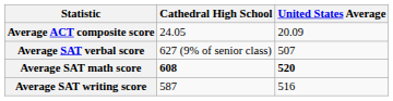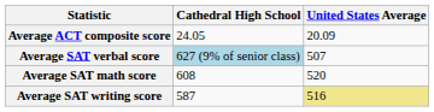 <table class="wikitable">
 <tr>
 <th>Statistic</th>
 <th>Cathedral High School</th>
 <th><a href='#'>United States</a> Average</th>
 </tr>
 <tr>
 <th>Average <a href='#'>ACT</a> composite score</th>
 <td>24.05</td>
 <td>20.09</td>
 </tr>
 <tr>
 <th>Average <a href='#'>SAT</a> verbal score</th>
-<td>627 (9% of senior class)</td>
+<td style="background: lightblue;">627 (9% of senior class)</td>
 <td>507</td>
 </tr>
 <tr>
 <th>Average SAT math score</th>
-<td><strong>608</strong></td>
-<td><strong>520</strong></td>
+<td>608</td>
+<td>520</td>
 </tr>
 <tr>
 <th>Average SAT writing score</th>
 <td>587</td>
-<td>516</td>
+<td style="background: khaki;">516</td>
 </tr>
 </table>
